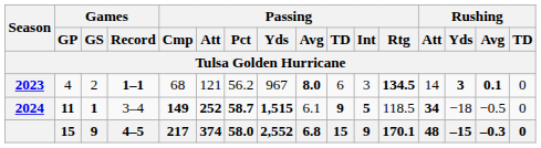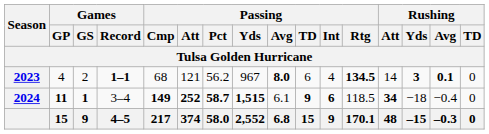 <table class="wikitable" style="text-align:center;">
 <tr>
 <th rowspan="2">Season</th>
 <th colspan="3">Games</th>
 <th colspan="8">Passing</th>
 <th colspan="5">Rushing</th>
 </tr>
 <tr>
 <th>GP</th>
 <th>GS</th>
 <th>Record</th>
 <th>Cmp</th>
 <th>Att</th>
 <th>Pct</th>
 <th>Yds</th>
 <th>Avg</th>
 <th>TD</th>
 <th>Int</th>
 <th>Rtg</th>
 <th>Att</th>
 <th>Yds</th>
 <th>Avg</th>
 <th>TD</th>
 </tr>
 <tr>
 <th colspan="16">Tulsa Golden Hurricane</th>
 </tr>
 <tr>
 <th><a href='#'>2023</a></th>
 <td>4</td>
 <td>2</td>
 <td><strong>1–1</strong></td>
 <td>68</td>
 <td>121</td>
 <td>56.2</td>
 <td>967</td>
 <td><strong>8.0</strong></td>
 <td>6</td>
-<td>3</td>
+<td>4</td>
 <td><strong>134.5</strong></td>
 <td>14</td>
 <td><strong>3</strong></td>
 <td><strong>0.1</strong></td>
 <td>0</td>
 </tr>
 <tr>
 <th><a href='#'>2024</a></th>
 <td><strong>11</strong></td>
 <td><strong>1</strong></td>
 <td>3–4</td>
 <td><strong>149</strong></td>
 <td><strong>252</strong></td>
 <td><strong>58.7</strong></td>
 <td><strong>1,515</strong></td>
 <td>6.1</td>
 <td><strong>9</strong></td>
-<td><strong>5</strong></td>
+<td><strong>6</strong></td>
 <td>118.5</td>
 <td><strong>34</strong></td>
 <td>−18</td>
-<td>−0.5</td>
+<td>−0.4</td>
 <td>0</td>
 </tr>
 <tr>
 <th></th>
 <th>15</th>
 <th>9</th>
 <th>4–5</th>
 <th>217</th>
 <th>374</th>
 <th>58.0</th>
 <th>2,552</th>
 <th>6.8</th>
 <th>15</th>
 <th>9</th>
 <th>170.1</th>
 <th>48</th>
 <th>–15</th>
 <th>–0.3</th>
 <th>0</th>
 </tr>
 </table>
